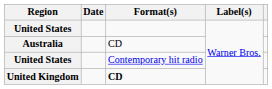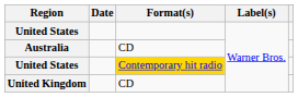 <table class="wikitable plainrowheaders">
 <tr>
 <th scope="col">Region</th>
 <th scope="col">Date</th>
 <th scope="col">Format(s)</th>
 <th scope="col">Label(s)</th>
 <th scope="col"></th>
 </tr>
 <tr>
 <th scope="row">United States</th>
 <td></td>
 <td></td>
 <td rowspan="4"><a href='#'>Warner Bros.</a></td>
 <td></td>
 </tr>
 <tr>
 <th scope="row">Australia</th>
 <td></td>
 <td>CD</td>
 <td></td>
 </tr>
 <tr>
 <th scope="row">United States</th>
 <td></td>
-<td><a href='#'>Contemporary hit radio</a></td>
+<td style="background: gold;"><a href='#'>Contemporary hit radio</a></td>
 <td></td>
 </tr>
 <tr>
 <th scope="row">United Kingdom</th>
 <td></td>
-<td><strong>CD</strong></td>
+<td>CD</td>
 <td></td>
 </tr>
 </table>
